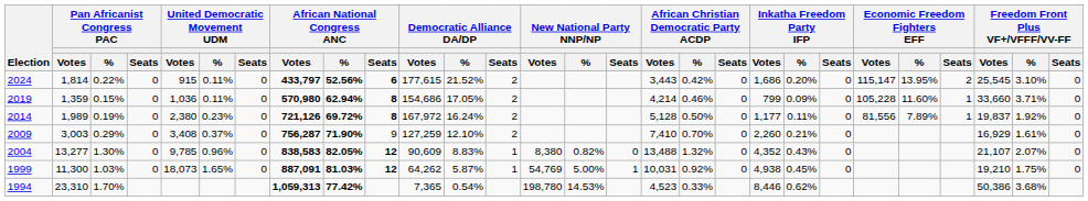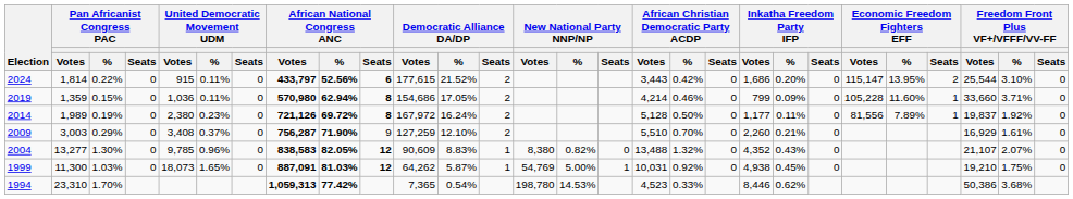 <table class="wikitable" border="1" style="font-size:80%; text-align:right;">
 <tr>
 <th style="text-align:left;" valign=bottom rowspan=3>Election</th>
 <th valign=bottom colspan=3><a href='#'>Pan Africanist<br>Congress</a><br>PAC</th>
 <th valign=bottom colspan=3><a href='#'>United Democratic<br>Movement</a><br>UDM</th>
 <th valign=bottom colspan=3><a href='#'>African National<br>Congress</a><br>ANC</th>
 <th valign=bottom colspan=3><a href='#'>Democratic Alliance</a><br>DA/DP</th>
 <th valign=bottom colspan=3><a href='#'>New National Party</a><br>NNP/NP</th>
 <th valign=bottom colspan=3><a href='#'>African Christian<br>Democratic Party</a><br>ACDP</th>
 <th valign=bottom colspan=3><a href='#'>Inkatha Freedom<br>Party</a><br>IFP</th>
 <th valign=bottom colspan=3><a href='#'>Economic Freedom<br>Fighters</a><br>EFF</th>
 <th valign=bottom colspan=3><a href='#'>Freedom Front<br>Plus</a><br>VF+/VFFF/VV-FF</th>
 </tr>
 <tr>
 <th colspan=3 style="background:"></th>
 <th colspan=3 style="background:"></th>
 <th colspan=3 style="background:"></th>
 <th colspan=3 style="background:"></th>
 <th colspan=3 style="background:"></th>
 <th colspan=3 style="background:"></th>
 <th colspan=3 style="background:"></th>
 <th colspan=3 style="background:"></th>
 <th colspan=3 style="background:"></th>
 </tr>
 <tr>
 <th>Votes</th>
 <th>%</th>
 <th>Seats</th>
 <th>Votes</th>
 <th>%</th>
 <th>Seats</th>
 <th>Votes</th>
 <th>%</th>
 <th>Seats</th>
 <th>Votes</th>
 <th>%</th>
 <th>Seats</th>
 <th>Votes</th>
 <th>%</th>
 <th>Seats</th>
 <th>Votes</th>
 <th>%</th>
 <th>Seats</th>
 <th>Votes</th>
 <th>%</th>
 <th>Seats</th>
 <th>Votes</th>
 <th>%</th>
 <th>Seats</th>
 <th>Votes</th>
 <th>%</th>
 <th>Seats</th>
 </tr>
 <tr>
 <td align=left><a href='#'>2024</a></td>
 <td>1,814</td>
 <td>0.22%</td>
 <td>0</td>
 <td>915</td>
 <td>0.11%</td>
 <td>0</td>
 <td><strong>433,797</strong></td>
 <td><strong>52.56%</strong></td>
 <td><strong>6</strong></td>
 <td>177,615</td>
 <td>21.52%</td>
 <td>2</td>
 <td></td>
 <td></td>
 <td></td>
 <td>3,443</td>
 <td>0.42%</td>
 <td>0</td>
 <td>1,686</td>
 <td>0.20%</td>
 <td>0</td>
 <td>115,147</td>
 <td>13.95%</td>
 <td>2</td>
-<td>25,545</td>
+<td>25,544</td>
 <td>3.10%</td>
 <td>0</td>
 </tr>
 <tr>
 <td align=left><a href='#'>2019</a></td>
 <td>1,359</td>
 <td>0.15%</td>
 <td>0</td>
 <td>1,036</td>
 <td>0.11%</td>
 <td>0</td>
 <td><strong>570,980</strong></td>
 <td><strong>62.94%</strong></td>
 <td><strong>8</strong></td>
 <td>154,686</td>
 <td>17.05%</td>
 <td>2</td>
 <td></td>
 <td></td>
 <td></td>
 <td>4,214</td>
 <td>0.46%</td>
 <td>0</td>
 <td>799</td>
 <td>0.09%</td>
 <td>0</td>
 <td>105,228</td>
 <td>11.60%</td>
 <td>1</td>
 <td>33,660</td>
 <td>3.71%</td>
 <td>0</td>
 </tr>
 <tr>
 <td align=left><a href='#'>2014</a></td>
 <td>1,989</td>
 <td>0.19%</td>
 <td>0</td>
 <td>2,380</td>
 <td>0.23%</td>
 <td>0</td>
 <td><strong>721,126</strong></td>
 <td><strong>69.72%</strong></td>
 <td><strong>8</strong></td>
 <td>167,972</td>
 <td>16.24%</td>
 <td>2</td>
 <td></td>
 <td></td>
 <td></td>
 <td>5,128</td>
 <td>0.50%</td>
 <td>0</td>
 <td>1,177</td>
 <td>0.11%</td>
 <td>0</td>
 <td>81,556</td>
 <td>7.89%</td>
 <td>1</td>
 <td>19,837</td>
 <td>1.92%</td>
 <td>0</td>
 </tr>
 <tr>
 <td align=left><a href='#'>2009</a></td>
 <td>3,003</td>
 <td>0.29%</td>
 <td>0</td>
 <td>3,408</td>
 <td>0.37%</td>
 <td>0</td>
 <td><strong>756,287</strong></td>
 <td><strong>71.90%</strong></td>
 <td>9</td>
 <td>127,259</td>
 <td>12.10%</td>
 <td>2</td>
 <td></td>
 <td></td>
 <td></td>
-<td>7,410</td>
+<td>5,510</td>
 <td>0.70%</td>
 <td>0</td>
 <td>2,260</td>
 <td>0.21%</td>
 <td>0</td>
 <td></td>
 <td></td>
 <td></td>
 <td>16,929</td>
 <td>1.61%</td>
 <td>0</td>
 </tr>
 <tr>
 <td align=left><a href='#'>2004</a></td>
 <td>13,277</td>
 <td>1.30%</td>
 <td>0</td>
 <td>9,785</td>
 <td>0.96%</td>
 <td>0</td>
 <td><strong>838,583</strong></td>
 <td><strong>82.05%</strong></td>
 <td><strong>12</strong></td>
 <td>90,609</td>
 <td>8.83%</td>
 <td>1</td>
 <td>8,380</td>
 <td>0.82%</td>
 <td>0</td>
 <td>13,488</td>
 <td>1.32%</td>
 <td>0</td>
 <td>4,352</td>
 <td>0.43%</td>
 <td>0</td>
 <td></td>
 <td></td>
 <td></td>
 <td>21,107</td>
 <td>2.07%</td>
 <td>0</td>
 </tr>
 <tr>
 <td align=left><a href='#'>1999</a></td>
 <td>11,300</td>
 <td>1.03%</td>
 <td>0</td>
 <td>18,073</td>
 <td>1.65%</td>
 <td>0</td>
 <td><strong>887,091</strong></td>
 <td><strong>81.03%</strong></td>
 <td><strong>12</strong></td>
 <td>64,262</td>
 <td>5.87%</td>
 <td>1</td>
 <td>54,769</td>
 <td>5.00%</td>
 <td>1</td>
 <td>10,031</td>
 <td>0.92%</td>
 <td>0</td>
 <td>4,938</td>
 <td>0.45%</td>
 <td>0</td>
 <td></td>
 <td></td>
 <td></td>
 <td>19,210</td>
 <td>1.75%</td>
 <td>0</td>
 </tr>
 <tr>
 <td align=left><a href='#'>1994</a></td>
 <td>23,310</td>
 <td>1.70%</td>
 <td></td>
 <td></td>
 <td></td>
 <td></td>
 <td><strong>1,059,313</strong></td>
 <td><strong>77.42%</strong></td>
 <td></td>
 <td>7,365</td>
 <td>0.54%</td>
 <td></td>
 <td>198,780</td>
 <td>14.53%</td>
 <td></td>
 <td>4,523</td>
 <td>0.33%</td>
 <td></td>
 <td>8,446</td>
 <td>0.62%</td>
 <td></td>
 <td></td>
 <td></td>
 <td></td>
 <td>50,386</td>
 <td>3.68%</td>
 <td></td>
 </tr>
 </table>
